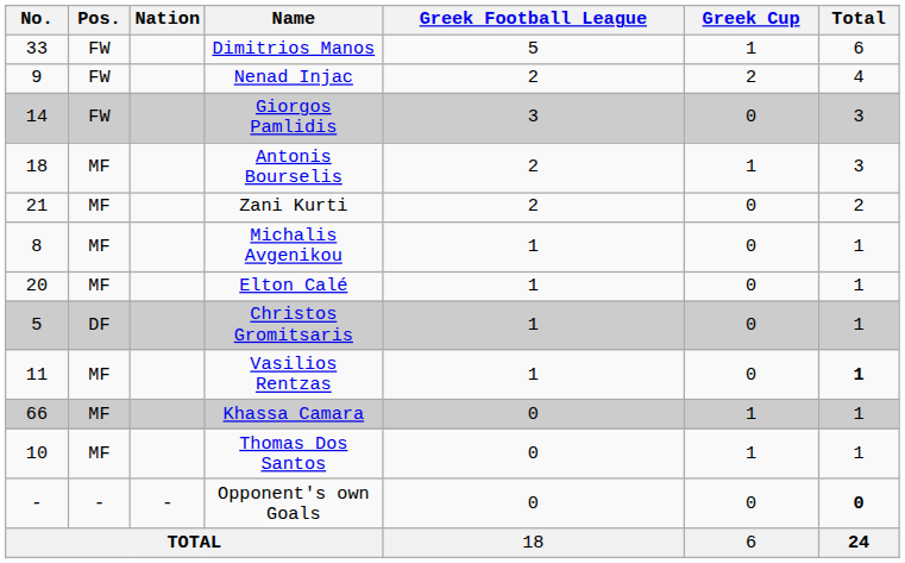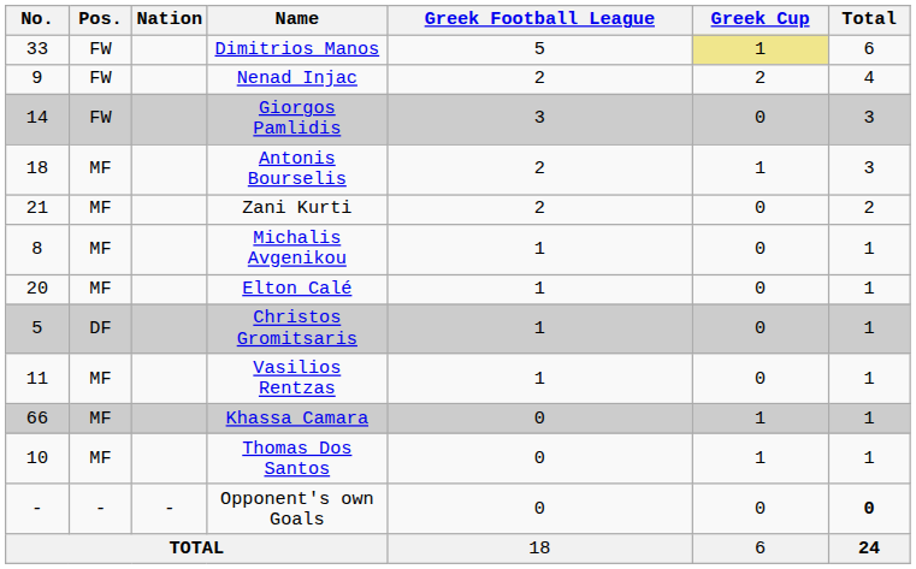 <table class="wikitable sortable" style="font-size: 95%; text-align: center;">
 <tr>
 <th width="7%"><strong>No.</strong></th>
 <th width="7%"><strong>Pos.</strong></th>
 <th width="7%"><strong>Nation</strong></th>
 <th width="20%"><strong>Name</strong></th>
 <th><a href='#'>Greek Football League</a></th>
 <th><a href='#'>Greek Cup</a></th>
 <th>Total</th>
 </tr>
 <tr>
 <td>33</td>
 <td>FW</td>
 <td></td>
 <td><a href='#'>Dimitrios Manos</a></td>
 <td>5</td>
-<td>1</td>
+<td style="background: khaki;">1</td>
 <td>6</td>
 </tr>
 <tr>
 <td>9</td>
 <td>FW</td>
 <td></td>
 <td><a href='#'>Nenad Injac</a></td>
 <td>2</td>
 <td>2</td>
 <td>4</td>
 </tr>
 <tr>
 <th style="background:#CCCCCC; font-weight: normal;">14</th>
 <th style="background:#CCCCCC; font-weight: normal;">FW</th>
 <th style="background:#CCCCCC; font-weight: normal;"></th>
 <th style="background:#CCCCCC; font-weight: normal;"><a href='#'>Giorgos Pamlidis</a></th>
 <th style="background:#CCCCCC; font-weight: normal;">3</th>
 <th style="background:#CCCCCC; font-weight: normal;">0</th>
 <th style="background:#CCCCCC; font-weight: normal;">3</th>
 </tr>
 <tr>
 <td>18</td>
 <td>MF</td>
 <td></td>
 <td><a href='#'>Antonis Bourselis</a></td>
 <td>2</td>
 <td>1</td>
 <td>3</td>
 </tr>
 <tr>
 <td>21</td>
 <td>MF</td>
 <td></td>
 <td>Zani Kurti</td>
 <td>2</td>
 <td>0</td>
 <td>2</td>
 </tr>
 <tr>
 <td>8</td>
 <td>MF</td>
 <td></td>
 <td><a href='#'>Michalis Avgenikou</a></td>
 <td>1</td>
 <td>0</td>
 <td>1</td>
 </tr>
 <tr>
 <td>20</td>
 <td>MF</td>
 <td></td>
 <td><a href='#'>Elton Calé</a></td>
 <td>1</td>
 <td>0</td>
 <td>1</td>
 </tr>
 <tr>
 <th style="background:#CCCCCC; font-weight: normal;">5</th>
 <th style="background:#CCCCCC; font-weight: normal;">DF</th>
 <th style="background:#CCCCCC; font-weight: normal;"></th>
 <th style="background:#CCCCCC; font-weight: normal;"><a href='#'>Christos Gromitsaris</a></th>
 <th style="background:#CCCCCC; font-weight: normal;">1</th>
 <th style="background:#CCCCCC; font-weight: normal;">0</th>
 <th style="background:#CCCCCC; font-weight: normal;">1</th>
 </tr>
 <tr>
 <td>11</td>
 <td>MF</td>
 <td></td>
 <td><a href='#'>Vasilios Rentzas</a></td>
 <td>1</td>
 <td>0</td>
-<td><strong>1</strong></td>
+<td>1</td>
 </tr>
 <tr>
 <th style="background:#CCCCCC; font-weight: normal;">66</th>
 <th style="background:#CCCCCC; font-weight: normal;">MF</th>
 <th style="background:#CCCCCC; font-weight: normal;"> </th>
 <th style="background:#CCCCCC; font-weight: normal;"><a href='#'>Khassa Camara</a></th>
 <th style="background:#CCCCCC; font-weight: normal;">0</th>
 <th style="background:#CCCCCC; font-weight: normal;">1</th>
 <th style="background:#CCCCCC; font-weight: normal;">1</th>
 </tr>
 <tr>
 <td>10</td>
 <td>MF</td>
 <td> </td>
 <td><a href='#'>Thomas Dos Santos</a></td>
 <td>0</td>
 <td>1</td>
 <td>1</td>
 </tr>
 <tr>
 <td><em>-</em></td>
 <td><em>-</em></td>
 <td><em>-</em></td>
 <td>Opponent's own Goals</td>
 <td>0 </td>
 <td>0 </td>
 <td><strong>0</strong> </td>
 </tr>
 <tr bgcolor="F1F1F1" >
 <td colspan=4><strong>TOTAL</strong></td>
 <td>18 </td>
 <td>6 </td>
 <td><strong>24</strong> </td>
 </tr>
 </table>
